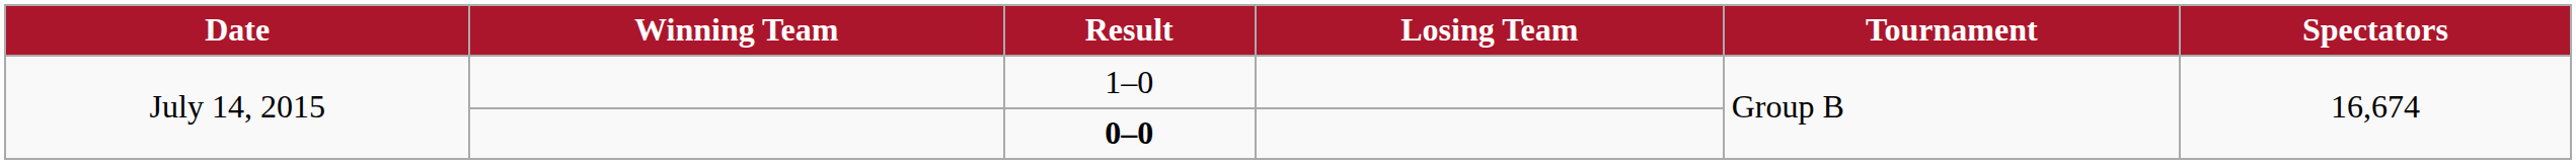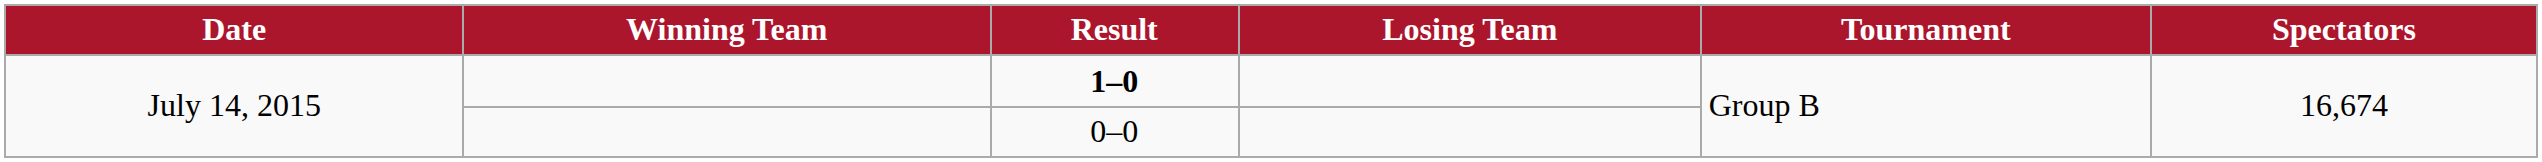 <table class="wikitable"  style="text-align:left; width:80%;" style="text-align:center">
 <tr>
 <th style="text-align:center; background:#AC162C; color:#FFFFFF; ">Date</th>
 <th style="text-align:center; background:#AC162C; color:#FFFFFF; ">Winning Team</th>
 <th style="text-align:center; background:#AC162C; color:#FFFFFF; ">Result</th>
 <th style="text-align:center; background:#AC162C; color:#FFFFFF; ">Losing Team</th>
 <th style="text-align:center; background:#AC162C; color:#FFFFFF; ">Tournament</th>
 <th style="text-align:center; background:#AC162C; color:#FFFFFF; ">Spectators</th>
 </tr>
 <tr>
 <td style="text-align:center;" rowspan=2>July 14, 2015</td>
 <td></td>
-<td style="text-align:center;">1–0</td>
+<td style="text-align:center;"><strong>1–0</strong></td>
 <td></td>
 <td rowspan=2>Group B</td>
 <td style="text-align:center;" rowspan=2>16,674</td>
 </tr>
 <tr>
 <td></td>
-<td style="text-align:center;"><strong>0–0</strong></td>
+<td style="text-align:center;">0–0</td>
 <td></td>
 </tr>
 </table>
